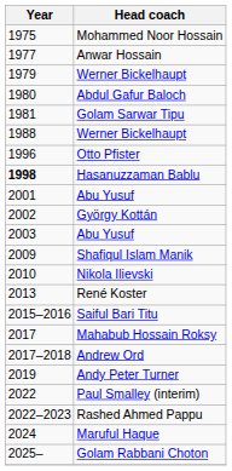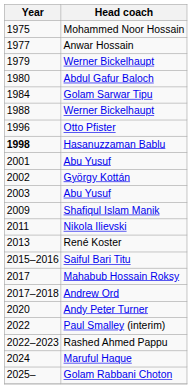 <table class="wikitable">
 <tr>
 <th>Year</th>
 <th>Head coach</th>
 </tr>
 <tr>
 <td>1975</td>
 <td> Mohammed Noor Hossain</td>
 </tr>
 <tr>
 <td>1977</td>
 <td> Anwar Hossain</td>
 </tr>
 <tr>
 <td>1979</td>
 <td> <a href='#'>Werner Bickelhaupt</a></td>
 </tr>
 <tr>
 <td>1980</td>
 <td> <a href='#'>Abdul Gafur Baloch</a></td>
 </tr>
 <tr>
-<td>1981</td>
+<td>1984</td>
 <td> <a href='#'>Golam Sarwar Tipu</a></td>
 </tr>
 <tr>
 <td>1988</td>
 <td> <a href='#'>Werner Bickelhaupt</a></td>
 </tr>
 <tr>
 <td>1996</td>
 <td> <a href='#'>Otto Pfister</a></td>
 </tr>
 <tr>
 <td><strong>1998</strong></td>
 <td> <a href='#'>Hasanuzzaman Bablu</a></td>
 </tr>
 <tr>
 <td>2001</td>
 <td> <a href='#'>Abu Yusuf</a></td>
 </tr>
 <tr>
 <td>2002</td>
 <td> <a href='#'>György Kottán</a></td>
 </tr>
 <tr>
 <td>2003</td>
 <td> <a href='#'>Abu Yusuf</a></td>
 </tr>
 <tr>
 <td>2009</td>
 <td> <a href='#'>Shafiqul Islam Manik</a></td>
 </tr>
 <tr>
-<td>2010</td>
+<td>2011</td>
 <td> <a href='#'>Nikola Ilievski</a></td>
 </tr>
 <tr>
 <td>2013</td>
 <td> René Koster</td>
 </tr>
 <tr>
 <td>2015–2016</td>
 <td> <a href='#'>Saiful Bari Titu</a></td>
 </tr>
 <tr>
 <td>2017</td>
 <td> <a href='#'>Mahabub Hossain Roksy</a></td>
 </tr>
 <tr>
 <td>2017–2018</td>
 <td> <a href='#'>Andrew Ord</a></td>
 </tr>
 <tr>
-<td>2019</td>
+<td>2020</td>
 <td> <a href='#'>Andy Peter Turner</a></td>
 </tr>
 <tr>
 <td>2022</td>
 <td> <a href='#'>Paul Smalley</a> (interim)</td>
 </tr>
 <tr>
 <td>2022–2023</td>
 <td>  Rashed Ahmed Pappu</td>
 </tr>
 <tr>
 <td>2024</td>
 <td>  <a href='#'>Maruful Haque</a></td>
 </tr>
 <tr>
 <td>2025–</td>
 <td>  <a href='#'>Golam Rabbani Choton</a></td>
 </tr>
 <tr>
 </tr>
 </table>
